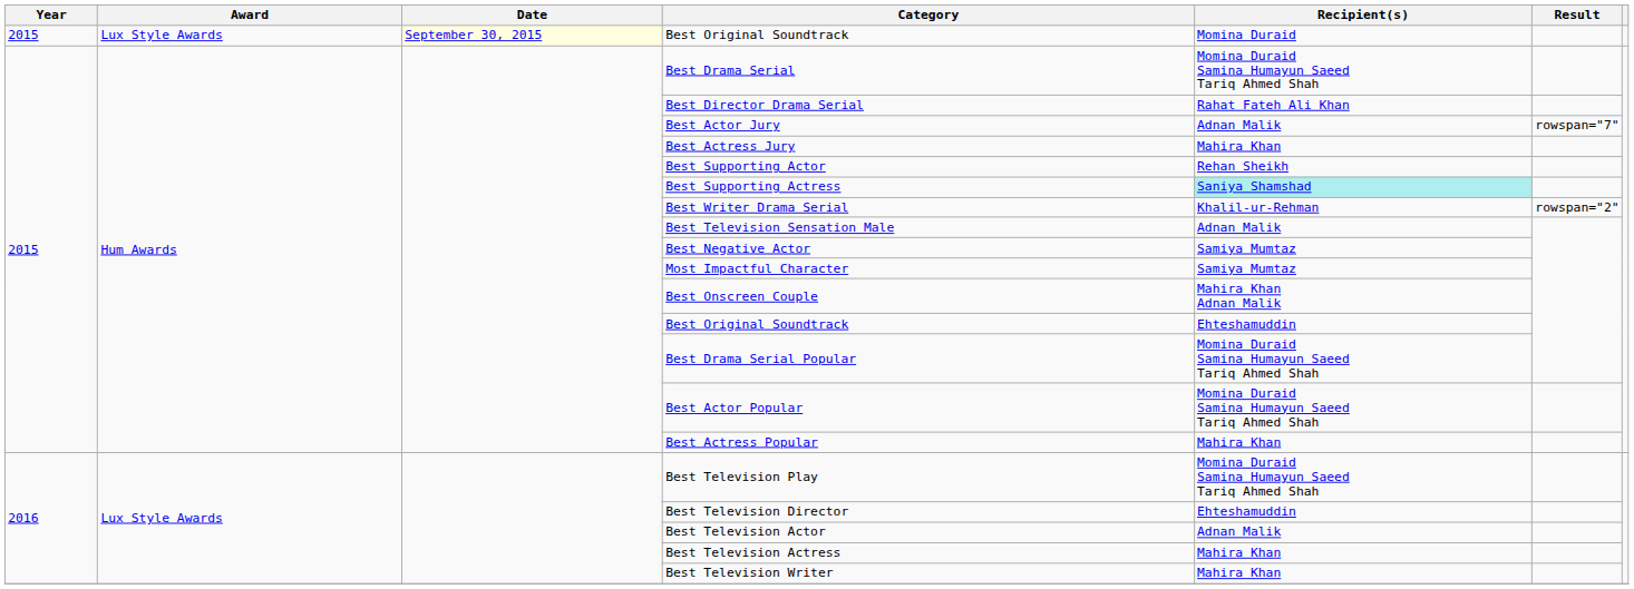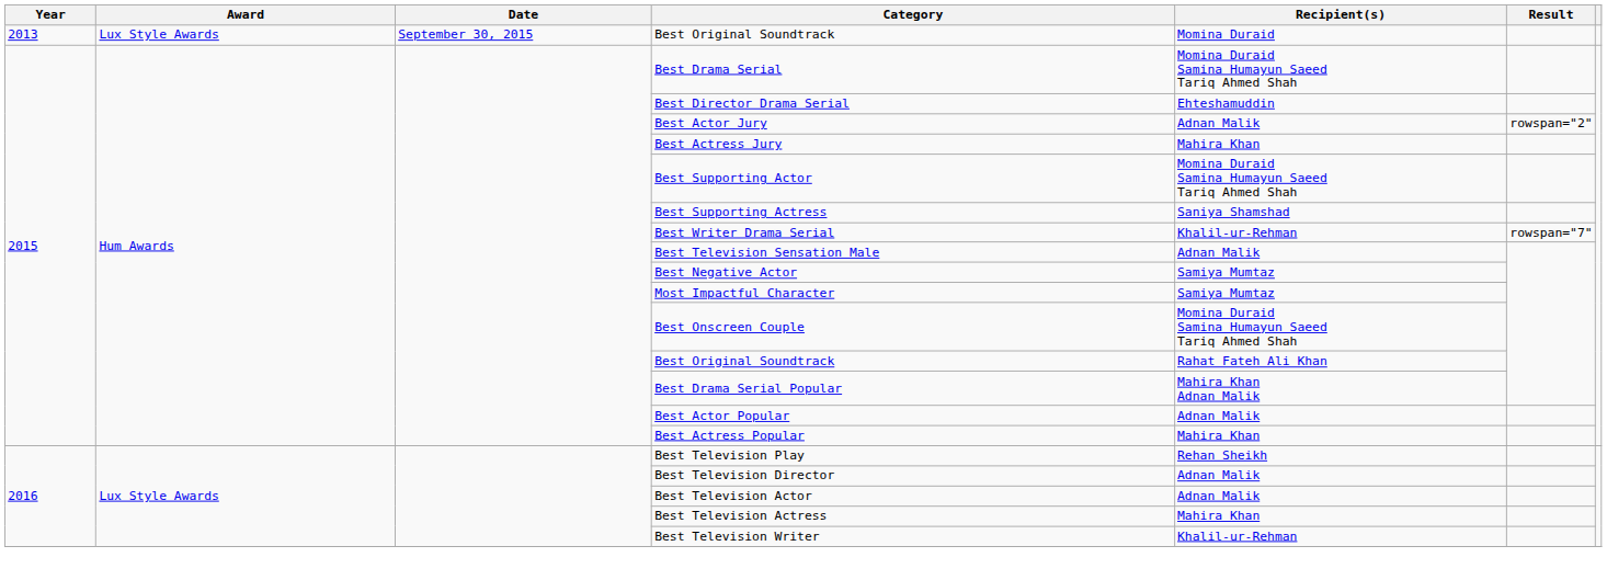 <table class="wikitable" width="100%" style="font-size: 95%;">
 <tr style="background:#ccc; text-align:center;">
 <th scope="col" width="6%">Year</th>
 <th scope="col" width="20%">Award</th>
 <th scope="col" width="17%">Date</th>
 <th scope="col" width="35%">Category</th>
 <th scope="col" width="30%">Recipient(s)</th>
 <th scope="col" width="10%">Result</th>
 <th></th>
 </tr>
 <tr>
-<td><a href='#'>2015</a></td>
+<td><a href='#'>2013</a></td>
 <td><a href='#'>Lux Style Awards</a></td>
-<td style="background: lightyellow;"><a href='#'>September 30, 2015</a></td>
+<td><a href='#'>September 30, 2015</a></td>
 <td>Best Original Soundtrack</td>
 <td><a href='#'>Momina Duraid</a></td>
 <td></td>
 <td></td>
 </tr>
 <tr>
 <td rowspan="15"><a href='#'>2015</a></td>
 <td rowspan="15"><a href='#'>Hum Awards</a></td>
 <td rowspan="15"></td>
 <td><a href='#'>Best Drama Serial</a></td>
 <td><a href='#'>Momina Duraid</a><br><a href='#'>Samina Humayun Saeed</a><br>Tariq Ahmed Shah</td>
 <td></td>
 <td rowspan="15"></td>
 </tr>
 <tr>
 <td><a href='#'>Best Director Drama Serial</a></td>
-<td><a href='#'>Rahat Fateh Ali Khan</a></td>
+<td><a href='#'>Ehteshamuddin</a></td>
 <td></td>
 </tr>
 <tr>
 <td><a href='#'>Best Actor Jury</a></td>
 <td><a href='#'>Adnan Malik</a></td>
-<td>rowspan="7" </td>
+<td>rowspan="2" </td>
 </tr>
 <tr>
 <td><a href='#'>Best Actress Jury</a></td>
 <td><a href='#'>Mahira Khan</a></td>
 </tr>
 <tr>
 <td><a href='#'>Best Supporting Actor</a></td>
-<td><a href='#'>Rehan Sheikh</a></td>
+<td><a href='#'>Momina Duraid</a><br><a href='#'>Samina Humayun Saeed</a><br>Tariq Ahmed Shah</td>
 <td></td>
 </tr>
 <tr>
 <td><a href='#'>Best Supporting Actress</a></td>
-<td style="background: paleturquoise;"><a href='#'>Saniya Shamshad</a></td>
+<td><a href='#'>Saniya Shamshad</a></td>
 <td></td>
 </tr>
 <tr>
 <td><a href='#'>Best Writer Drama Serial</a></td>
 <td><a href='#'>Khalil-ur-Rehman</a></td>
-<td>rowspan="2" </td>
+<td>rowspan="7" </td>
 </tr>
 <tr>
 <td><a href='#'>Best Television Sensation Male</a></td>
 <td><a href='#'>Adnan Malik</a></td>
 </tr>
 <tr>
 <td><a href='#'>Best Negative Actor</a></td>
 <td><a href='#'>Samiya Mumtaz</a></td>
 </tr>
 <tr>
 <td><a href='#'>Most Impactful Character</a></td>
 <td><a href='#'>Samiya Mumtaz</a></td>
 </tr>
 <tr>
 <td><a href='#'>Best Onscreen Couple</a></td>
+<td><a href='#'>Momina Duraid</a><br><a href='#'>Samina Humayun Saeed</a><br>Tariq Ahmed Shah</td>
+</tr>
+<tr>
+<td><a href='#'>Best Original Soundtrack</a></td>
+<td><a href='#'>Rahat Fateh Ali Khan</a></td>
+</tr>
+<tr>
+<td><a href='#'>Best Drama Serial Popular</a></td>
 <td><a href='#'>Mahira Khan</a><br><a href='#'>Adnan Malik</a></td>
 </tr>
 <tr>
-<td><a href='#'>Best Original Soundtrack</a></td>
-<td><a href='#'>Ehteshamuddin</a></td>
-</tr>
-<tr>
-<td><a href='#'>Best Drama Serial Popular</a></td>
-<td><a href='#'>Momina Duraid</a><br><a href='#'>Samina Humayun Saeed</a><br>Tariq Ahmed Shah</td>
-</tr>
-<tr>
 <td><a href='#'>Best Actor Popular</a></td>
-<td><a href='#'>Momina Duraid</a><br><a href='#'>Samina Humayun Saeed</a><br>Tariq Ahmed Shah</td>
+<td><a href='#'>Adnan Malik</a></td>
 <td></td>
 </tr>
 <tr>
 <td><a href='#'>Best Actress Popular</a></td>
 <td><a href='#'>Mahira Khan</a></td>
 <td></td>
 </tr>
 <tr>
 <td rowspan="5"><a href='#'>2016</a></td>
 <td rowspan="5"><a href='#'>Lux Style Awards</a></td>
 <td rowspan="5"></td>
 <td>Best Television Play</td>
-<td><a href='#'>Momina Duraid</a><br><a href='#'>Samina Humayun Saeed</a><br>Tariq Ahmed Shah</td>
+<td><a href='#'>Rehan Sheikh</a></td>
 <td></td>
 <td rowspan="5"></td>
 </tr>
 <tr>
 <td>Best Television Director</td>
-<td><a href='#'>Ehteshamuddin</a></td>
+<td><a href='#'>Adnan Malik</a></td>
 <td></td>
 </tr>
 <tr>
 <td>Best Television Actor</td>
 <td><a href='#'>Adnan Malik</a></td>
 <td></td>
 </tr>
 <tr>
 <td>Best Television Actress</td>
 <td><a href='#'>Mahira Khan</a></td>
 <td></td>
 </tr>
 <tr>
 <td>Best Television Writer</td>
-<td><a href='#'>Mahira Khan</a></td>
+<td><a href='#'>Khalil-ur-Rehman</a></td>
 <td></td>
 </tr>
 <tr>
 </tr>
 </table>
